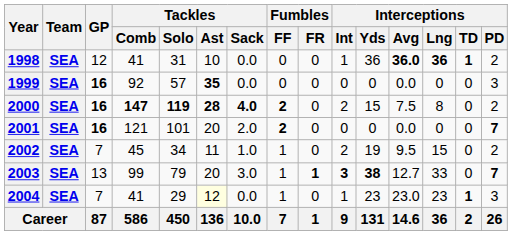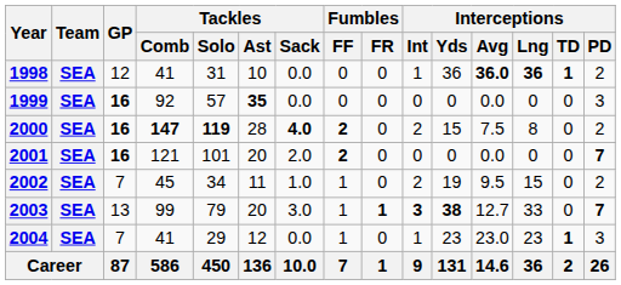 <table class="wikitable" style="text-align:center">
 <tr>
 <th rowspan="2">Year</th>
 <th rowspan="2">Team</th>
 <th rowspan="2">GP</th>
 <th colspan="4">Tackles</th>
 <th colspan="2">Fumbles</th>
 <th colspan="6">Interceptions</th>
 </tr>
 <tr>
 <th>Comb</th>
 <th>Solo</th>
 <th>Ast</th>
 <th>Sack</th>
 <th>FF</th>
 <th>FR</th>
 <th>Int</th>
 <th>Yds</th>
 <th>Avg</th>
 <th>Lng</th>
 <th>TD</th>
 <th>PD</th>
 </tr>
 <tr>
 <th><a href='#'>1998</a></th>
 <th><a href='#'>SEA</a></th>
 <td>12</td>
 <td>41</td>
 <td>31</td>
 <td>10</td>
 <td>0.0</td>
 <td>0</td>
 <td>0</td>
 <td>1</td>
 <td>36</td>
 <td><strong>36.0</strong></td>
 <td><strong>36</strong></td>
 <td><strong>1</strong></td>
 <td>2</td>
 </tr>
 <tr>
 <th><a href='#'>1999</a></th>
 <th><a href='#'>SEA</a></th>
 <td><strong>16</strong></td>
 <td>92</td>
 <td>57</td>
 <td><strong>35</strong></td>
 <td>0.0</td>
 <td>0</td>
 <td>0</td>
 <td>0</td>
 <td>0</td>
 <td>0.0</td>
 <td>0</td>
 <td>0</td>
 <td>3</td>
 </tr>
 <tr>
 <th><a href='#'>2000</a></th>
 <th><a href='#'>SEA</a></th>
 <td><strong>16</strong></td>
 <td><strong>147</strong></td>
 <td><strong>119</strong></td>
-<td><strong>28</strong></td>
+<td>28</td>
 <td><strong>4.0</strong></td>
 <td><strong>2</strong></td>
 <td>0</td>
 <td>2</td>
 <td>15</td>
 <td>7.5</td>
 <td>8</td>
 <td>0</td>
 <td>2</td>
 </tr>
 <tr>
 <th><a href='#'>2001</a></th>
 <th><a href='#'>SEA</a></th>
 <td><strong>16</strong></td>
 <td>121</td>
 <td>101</td>
 <td>20</td>
 <td>2.0</td>
 <td><strong>2</strong></td>
 <td>0</td>
 <td>0</td>
 <td>0</td>
 <td>0.0</td>
 <td>0</td>
 <td>0</td>
 <td><strong>7</strong></td>
 </tr>
 <tr>
 <th><a href='#'>2002</a></th>
 <th><a href='#'>SEA</a></th>
 <td>7</td>
 <td>45</td>
 <td>34</td>
 <td>11</td>
 <td>1.0</td>
 <td>1</td>
 <td>0</td>
 <td>2</td>
 <td>19</td>
 <td>9.5</td>
 <td>15</td>
 <td>0</td>
 <td>2</td>
 </tr>
 <tr>
 <th><a href='#'>2003</a></th>
 <th><a href='#'>SEA</a></th>
 <td>13</td>
 <td>99</td>
 <td>79</td>
 <td>20</td>
 <td>3.0</td>
 <td>1</td>
 <td><strong>1</strong></td>
 <td><strong>3</strong></td>
 <td><strong>38</strong></td>
 <td>12.7</td>
 <td>33</td>
 <td>0</td>
 <td><strong>7</strong></td>
 </tr>
 <tr>
 <th><a href='#'>2004</a></th>
 <th><a href='#'>SEA</a></th>
 <td>7</td>
 <td>41</td>
 <td>29</td>
-<td style="background: lightyellow;">12</td>
+<td>12</td>
 <td>0.0</td>
 <td>1</td>
 <td>0</td>
 <td>1</td>
 <td>23</td>
 <td>23.0</td>
 <td>23</td>
 <td><strong>1</strong></td>
 <td>3</td>
 </tr>
 <tr>
 <th colspan="2">Career</th>
 <th>87</th>
 <th>586</th>
 <th>450</th>
 <th>136</th>
 <th>10.0</th>
 <th>7</th>
 <th>1</th>
 <th>9</th>
 <th>131</th>
 <th>14.6</th>
 <th>36</th>
 <th>2</th>
 <th>26</th>
 </tr>
 </table>
